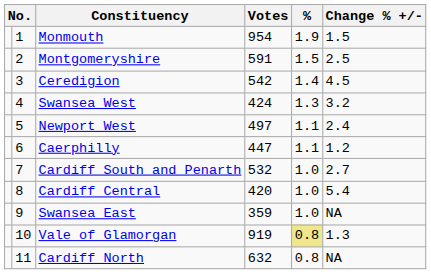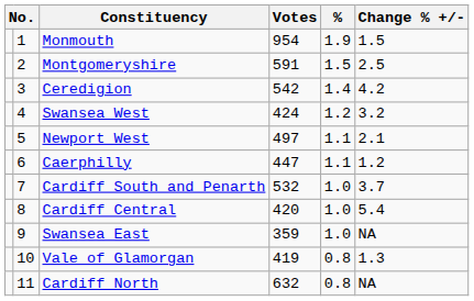 <table class="wikitable sortable collapsible collapsed">
 <tr>
 <th colspan="2">No.</th>
 <th>Constituency</th>
 <th>Votes</th>
 <th>%</th>
 <th>Change % +/-</th>
 </tr>
 <tr>
 <td width="1" style="color:inherit;background:"></td>
 <td>1</td>
 <td><a href='#'>Monmouth</a></td>
 <td>954</td>
 <td>1.9</td>
 <td> 1.5</td>
 </tr>
 <tr>
 <td style="color:inherit;background:"></td>
 <td>2</td>
 <td><a href='#'>Montgomeryshire</a></td>
 <td>591</td>
 <td>1.5</td>
 <td> 2.5</td>
 </tr>
 <tr>
 <td style="color:inherit;background:"></td>
 <td>3</td>
 <td><a href='#'>Ceredigion</a></td>
 <td>542</td>
 <td>1.4</td>
-<td> 4.5</td>
+<td> 4.2</td>
 </tr>
 <tr>
 <td style="color:inherit;background:"></td>
 <td>4</td>
 <td><a href='#'>Swansea West</a></td>
 <td>424</td>
-<td>1.3</td>
+<td>1.2</td>
 <td> 3.2</td>
 </tr>
 <tr>
 <td style="color:inherit;background:"></td>
 <td>5</td>
 <td><a href='#'>Newport West</a></td>
 <td>497</td>
 <td>1.1</td>
-<td> 2.4</td>
+<td> 2.1</td>
 </tr>
 <tr>
 <td style="color:inherit;background:"></td>
 <td>6</td>
 <td><a href='#'>Caerphilly</a></td>
 <td>447</td>
 <td>1.1</td>
 <td> 1.2</td>
 </tr>
 <tr>
 <td style="color:inherit;background:"></td>
 <td>7</td>
 <td><a href='#'>Cardiff South and Penarth</a></td>
 <td>532</td>
 <td>1.0</td>
-<td> 2.7</td>
+<td> 3.7</td>
 </tr>
 <tr>
 <td style="color:inherit;background:"></td>
 <td>8</td>
 <td><a href='#'>Cardiff Central</a></td>
 <td>420</td>
 <td>1.0</td>
 <td> 5.4</td>
 </tr>
 <tr>
 <td style="color:inherit;background:"></td>
 <td>9</td>
 <td><a href='#'>Swansea East</a></td>
 <td>359</td>
 <td>1.0</td>
 <td>NA</td>
 </tr>
 <tr>
 <td style="color:inherit;background:"></td>
 <td>10</td>
 <td><a href='#'>Vale of Glamorgan</a></td>
-<td>919</td>
-<td style="background: khaki;">0.8</td>
+<td>419</td>
+<td>0.8</td>
 <td> 1.3</td>
 </tr>
 <tr>
 <td style="color:inherit;background:"></td>
 <td>11</td>
 <td><a href='#'>Cardiff North</a></td>
 <td>632</td>
 <td>0.8</td>
 <td>NA</td>
 </tr>
 </table>
